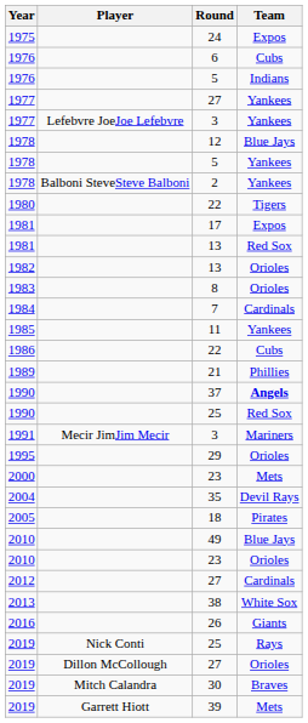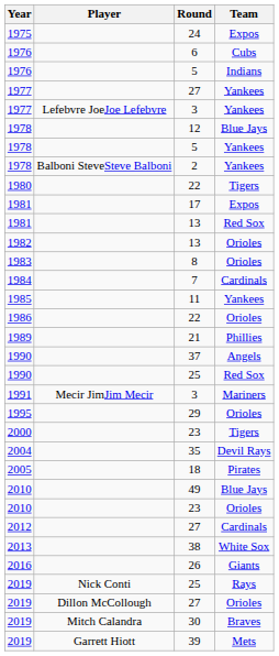 <table class="wikitable sortable">
 <tr>
 <th width=px>Year</th>
 <th width=px>Player</th>
 <th width=px>Round</th>
 <th width=px>Team</th>
 </tr>
 <tr valign="center">
 <td align="center"><a href='#'>1975</a></td>
 <td align="center"></td>
 <td align="center">24</td>
 <td align="center"><a href='#'>Expos</a></td>
 </tr>
 <tr valign="center">
 <td align="center"><a href='#'>1976</a></td>
 <td align="center"></td>
 <td align="center">6</td>
 <td align="center"><a href='#'>Cubs</a></td>
 </tr>
 <tr valign="center">
 <td align="center"><a href='#'>1976</a></td>
 <td align="center"></td>
 <td align="center">5</td>
 <td align="center"><a href='#'>Indians</a></td>
 </tr>
 <tr valign="center">
 <td align="center"><a href='#'>1977</a></td>
 <td align="center"></td>
 <td align="center">27</td>
 <td align="center"><a href='#'>Yankees</a></td>
 </tr>
 <tr valign="center">
 <td align="center"><a href='#'>1977</a></td>
 <td align="center"><span>Lefebvre Joe</span><a href='#'>Joe Lefebvre</a></td>
 <td align="center">3</td>
 <td align="center"><a href='#'>Yankees</a></td>
 </tr>
 <tr valign="center">
 <td align="center"><a href='#'>1978</a></td>
 <td align="center"></td>
 <td align="center">12</td>
 <td align="center"><a href='#'>Blue Jays</a></td>
 </tr>
 <tr valign="center">
 <td align="center"><a href='#'>1978</a></td>
 <td align="center"></td>
 <td align="center">5</td>
 <td align="center"><a href='#'>Yankees</a></td>
 </tr>
 <tr valign="center">
 <td align="center"><a href='#'>1978</a></td>
 <td align="center"><span>Balboni Steve</span><a href='#'>Steve Balboni</a></td>
 <td align="center">2</td>
 <td align="center"><a href='#'>Yankees</a></td>
 </tr>
 <tr valign="center">
 <td align="center"><a href='#'>1980</a></td>
 <td align="center"></td>
 <td align="center">22</td>
 <td align="center"><a href='#'>Tigers</a></td>
 </tr>
 <tr valign="center">
 <td align="center"><a href='#'>1981</a></td>
 <td align="center"></td>
 <td align="center">17</td>
 <td align="center"><a href='#'>Expos</a></td>
 </tr>
 <tr valign="center">
 <td align="center"><a href='#'>1981</a></td>
 <td align="center"></td>
 <td align="center">13</td>
 <td align="center"><a href='#'>Red Sox</a></td>
 </tr>
 <tr valign="center">
 <td align="center"><a href='#'>1982</a></td>
 <td align="center"></td>
 <td align="center">13</td>
 <td align="center"><a href='#'>Orioles</a></td>
 </tr>
 <tr valign="center">
 <td align="center"><a href='#'>1983</a></td>
 <td align="center"></td>
 <td align="center">8</td>
 <td align="center"><a href='#'>Orioles</a></td>
 </tr>
 <tr valign="center">
 <td align="center"><a href='#'>1984</a></td>
 <td align="center"></td>
 <td align="center">7</td>
 <td align="center"><a href='#'>Cardinals</a></td>
 </tr>
 <tr valign="center">
 <td align="center"><a href='#'>1985</a></td>
 <td align="center"></td>
 <td align="center">11</td>
 <td align="center"><a href='#'>Yankees</a></td>
 </tr>
 <tr valign="center">
 <td align="center"><a href='#'>1986</a></td>
 <td align="center"></td>
 <td align="center">22</td>
-<td align="center"><a href='#'>Cubs</a></td>
+<td align="center"><a href='#'>Orioles</a></td>
 </tr>
 <tr valign="center">
 <td align="center"><a href='#'>1989</a></td>
 <td align="center"></td>
 <td align="center">21</td>
 <td align="center"><a href='#'>Phillies</a></td>
 </tr>
 <tr valign="center">
 <td align="center"><a href='#'>1990</a></td>
 <td align="center"></td>
 <td align="center">37</td>
-<td align="center"><strong><a href='#'>Angels</a></strong></td>
+<td align="center"><a href='#'>Angels</a></td>
 </tr>
 <tr valign="center">
 <td align="center"><a href='#'>1990</a></td>
 <td align="center"></td>
 <td align="center">25</td>
 <td align="center"><a href='#'>Red Sox</a></td>
 </tr>
 <tr valign="center">
 <td align="center"><a href='#'>1991</a></td>
 <td align="center"><span>Mecir Jim</span><a href='#'>Jim Mecir</a></td>
 <td align="center">3</td>
 <td align="center"><a href='#'>Mariners</a></td>
 </tr>
 <tr valign="center">
 <td align="center"><a href='#'>1995</a></td>
 <td align="center"></td>
 <td align="center">29</td>
 <td align="center"><a href='#'>Orioles</a></td>
 </tr>
 <tr valign="center">
 <td align="center"><a href='#'>2000</a></td>
 <td align="center"></td>
 <td align="center">23</td>
-<td align="center"><a href='#'>Mets</a></td>
+<td align="center"><a href='#'>Tigers</a></td>
 </tr>
 <tr valign="center">
 <td align="center"><a href='#'>2004</a></td>
 <td align="center"></td>
 <td align="center">35</td>
 <td align="center"><a href='#'>Devil Rays</a></td>
 </tr>
 <tr valign="center">
 <td align="center"><a href='#'>2005</a></td>
 <td align="center"></td>
 <td align="center">18</td>
 <td align="center"><a href='#'>Pirates</a></td>
 </tr>
 <tr valign="center">
 <td align="center"><a href='#'>2010</a></td>
 <td align="center"></td>
 <td align="center">49</td>
 <td align="center"><a href='#'>Blue Jays</a></td>
 </tr>
 <tr valign="center">
 <td align="center"><a href='#'>2010</a></td>
 <td align="center"></td>
 <td align="center">23</td>
 <td align="center"><a href='#'>Orioles</a></td>
 </tr>
 <tr valign="center">
 <td align="center"><a href='#'>2012</a></td>
 <td align="center"></td>
 <td align="center">27</td>
 <td align="center"><a href='#'>Cardinals</a></td>
 </tr>
 <tr valign="center">
 <td align="center"><a href='#'>2013</a></td>
 <td align="center"></td>
 <td align="center">38</td>
 <td align="center"><a href='#'>White Sox</a></td>
 </tr>
 <tr valign="center">
 <td align="center"><a href='#'>2016</a></td>
 <td align="center"></td>
 <td align="center">26</td>
 <td align="center"><a href='#'>Giants</a></td>
 </tr>
 <tr>
 <td align="center"><a href='#'>2019</a></td>
 <td align="center">Nick Conti</td>
 <td align="center">25</td>
 <td align="center"><a href='#'>Rays</a></td>
 </tr>
 <tr>
 <td align="center"><a href='#'>2019</a></td>
 <td align="center">Dillon McCollough</td>
 <td align="center">27</td>
 <td align="center"><a href='#'>Orioles</a></td>
 </tr>
 <tr>
 <td align="center"><a href='#'>2019</a></td>
 <td align="center">Mitch Calandra</td>
 <td align="center">30</td>
 <td align="center"><a href='#'>Braves</a></td>
 </tr>
 <tr>
 <td align="center"><a href='#'>2019</a></td>
 <td align="center">Garrett Hiott</td>
 <td align="center">39</td>
 <td align="center"><a href='#'>Mets</a></td>
 </tr>
 </table>
